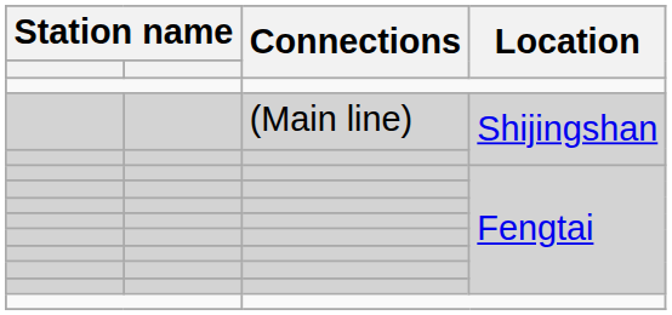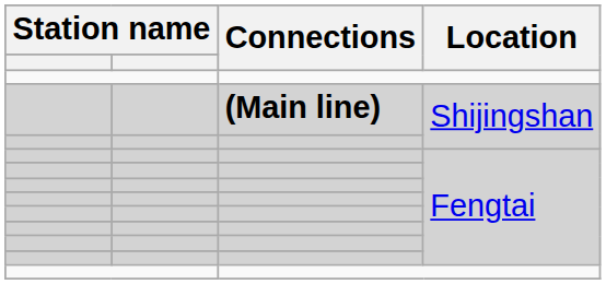 <table class="wikitable">
 <tr>
 <th colspan="2">Station name</th>
 <th rowspan="2">Connections</th>
 <th rowspan="2">Location</th>
 </tr>
 <tr>
 <th></th>
 <th></th>
 </tr>
 <tr style=background:#>
 <td colspan=2></td>
 <td colspan = "2"></td>
 </tr>
 <tr bgcolor="lightgrey">
 <td></td>
 <td></td>
-<td> (Main line)</td>
+<td><strong> (Main line)</strong></td>
 <td rowspan="2"><a href='#'>Shijingshan</a></td>
 </tr>
 <tr bgcolor="lightgrey">
 <td></td>
 <td></td>
 <td></td>
 </tr>
 <tr bgcolor="lightgrey">
 <td></td>
 <td></td>
 <td></td>
 <td rowspan="8"><a href='#'>Fengtai</a></td>
 </tr>
 <tr bgcolor="lightgrey">
 <td></td>
 <td></td>
 <td></td>
 </tr>
 <tr bgcolor="lightgrey">
 <td></td>
 <td></td>
 <td></td>
 </tr>
 <tr bgcolor="lightgrey">
 <td></td>
 <td></td>
 <td></td>
 </tr>
 <tr bgcolor="lightgrey">
 <td></td>
 <td></td>
 <td></td>
 </tr>
 <tr bgcolor="lightgrey">
 <td></td>
 <td></td>
 <td></td>
 </tr>
 <tr bgcolor="lightgrey">
 <td></td>
 <td></td>
 <td></td>
 </tr>
 <tr bgcolor="lightgrey">
 <td></td>
 <td></td>
 <td></td>
 </tr>
 <tr style=background:#>
 <td colspan=2></td>
 <td colspan = "2"></td>
 </tr>
 </table>
